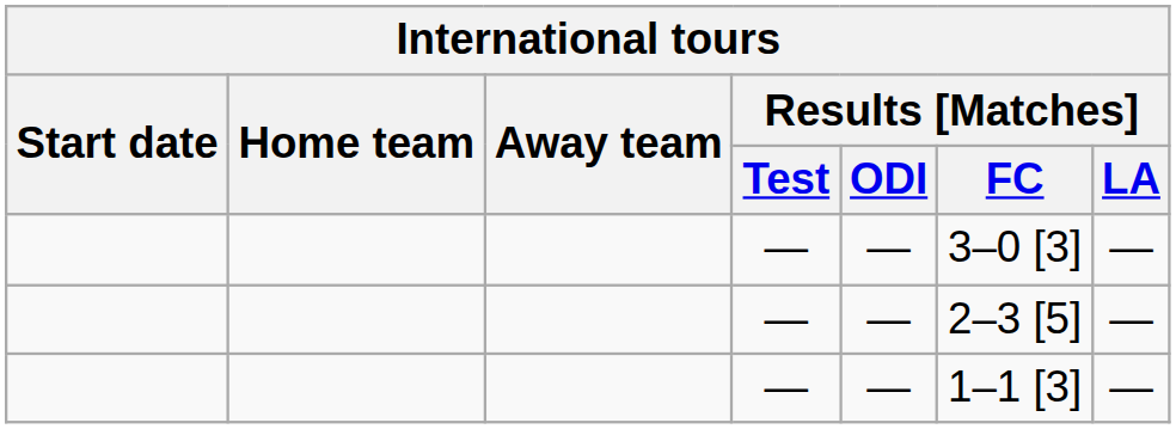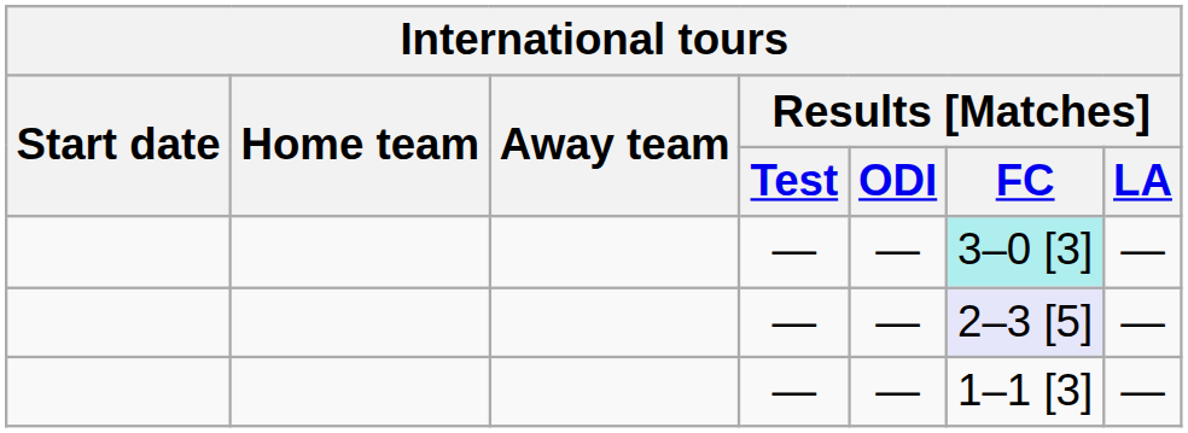 <table class="wikitable">
 <tr>
 <th colspan="7">International tours</th>
 </tr>
 <tr>
 <th rowspan="2">Start date</th>
 <th rowspan="2">Home team</th>
 <th rowspan="2">Away team</th>
 <th colspan="4">Results [Matches]</th>
 </tr>
 <tr>
 <th><a href='#'>Test</a></th>
 <th><a href='#'>ODI</a></th>
 <th><a href='#'>FC</a></th>
 <th><a href='#'>LA</a></th>
 </tr>
 <tr>
 <td><a href='#'></a></td>
 <td></td>
 <td></td>
 <td ; style="text-align:center">—</td>
 <td ; style="text-align:center">—</td>
-<td>3–0 [3]</td>
+<td style="background: paleturquoise;">3–0 [3]</td>
 <td ; style="text-align:center">—</td>
 </tr>
 <tr>
 <td><a href='#'></a></td>
 <td></td>
 <td></td>
 <td ; style="text-align:center">—</td>
 <td ; style="text-align:center">—</td>
-<td>2–3 [5]</td>
+<td style="background: lavender;">2–3 [5]</td>
 <td ; style="text-align:center">—</td>
 </tr>
 <tr>
 <td><a href='#'></a></td>
 <td></td>
 <td></td>
 <td ; style="text-align:center">—</td>
 <td ; style="text-align:center">—</td>
 <td>1–1 [3]</td>
 <td ; style="text-align:center">—</td>
 </tr>
 </table>
